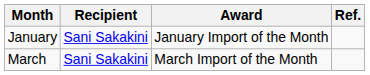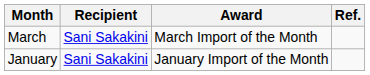 <table class="wikitable">
 <tr>
 <th>Month</th>
 <th>Recipient</th>
 <th>Award</th>
 <th>Ref.</th>
 </tr>
 <tr>
+<td>March</td>
+<td><a href='#'>Sani Sakakini</a></td>
+<td>March Import of the Month</td>
+<td></td>
+</tr>
+<tr>
 <td>January</td>
 <td><a href='#'>Sani Sakakini</a></td>
 <td>January Import of the Month</td>
 <td></td>
 </tr>
-<tr>
-<td>March</td>
-<td><a href='#'>Sani Sakakini</a></td>
-<td>March Import of the Month</td>
-<td></td>
-</tr>
 </table>
